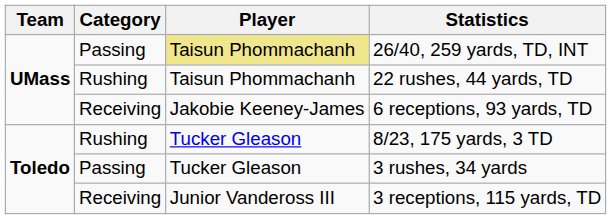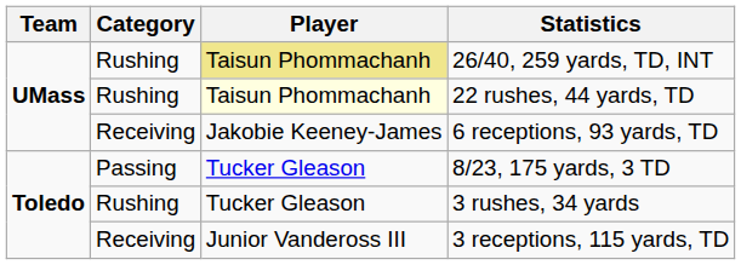 <table class="wikitable" style="float: right;">
 <tr>
 <th>Team</th>
 <th>Category</th>
 <th>Player</th>
 <th>Statistics</th>
 </tr>
 <tr>
 <td rowspan=3><strong>UMass</strong></td>
-<td>Passing</td>
+<td>Rushing</td>
 <td style="background: khaki;">Taisun Phommachanh</td>
 <td>26/40, 259 yards, TD, INT</td>
 </tr>
 <tr>
 <td>Rushing</td>
-<td>Taisun Phommachanh</td>
+<td style="background: lightyellow;">Taisun Phommachanh</td>
 <td>22 rushes, 44 yards, TD</td>
 </tr>
 <tr>
 <td>Receiving</td>
 <td>Jakobie Keeney-James</td>
 <td>6 receptions, 93 yards, TD</td>
 </tr>
 <tr>
 <td rowspan=3><strong>Toledo</strong></td>
-<td>Rushing</td>
+<td>Passing</td>
 <td><a href='#'>Tucker Gleason</a></td>
 <td>8/23, 175 yards, 3 TD</td>
 </tr>
 <tr>
-<td>Passing</td>
+<td>Rushing</td>
 <td>Tucker Gleason</td>
 <td>3 rushes, 34 yards</td>
 </tr>
 <tr>
 <td>Receiving</td>
 <td>Junior Vandeross III</td>
 <td>3 receptions, 115 yards, TD</td>
 </tr>
 </table>
